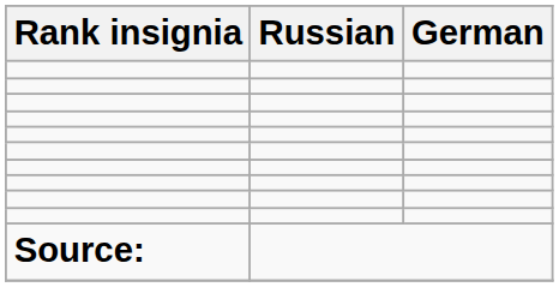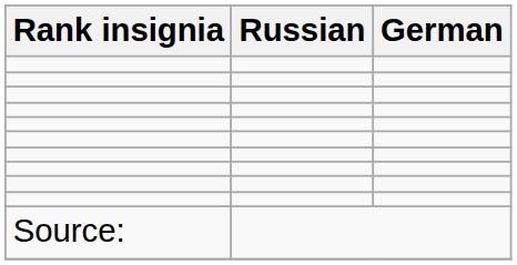 <table class="wikitable">
 <tr>
 <th>Rank insignia</th>
 <th>Russian</th>
 <th>German</th>
 </tr>
 <tr>
 <td style="text-align:center;"></td>
 <td></td>
 <td></td>
 </tr>
 <tr>
 <td style="text-align:center;"></td>
 <td></td>
 <td></td>
 </tr>
 <tr>
 <td style="text-align:center;"></td>
 <td></td>
 <td></td>
 </tr>
 <tr>
 <td style="text-align:center;"></td>
 <td></td>
 <td></td>
 </tr>
 <tr>
 <td style="text-align:center;"></td>
 <td></td>
 <td></td>
 </tr>
 <tr>
 <td style="text-align:center;"></td>
 <td></td>
 <td></td>
 </tr>
 <tr>
 <td style="text-align:center;"></td>
 <td></td>
 <td></td>
 </tr>
 <tr>
 <td style="text-align:center;"></td>
 <td></td>
 <td></td>
 </tr>
 <tr>
 <td style="text-align:center;"></td>
 <td></td>
 <td></td>
 </tr>
 <tr>
 <td style="text-align:center;"></td>
 <td></td>
 <td></td>
 </tr>
 <tr>
-<td><strong>Source:</strong></td>
+<td>Source:</td>
 <td colspan=2></td>
 </tr>
 <tr>
 </tr>
 </table>
